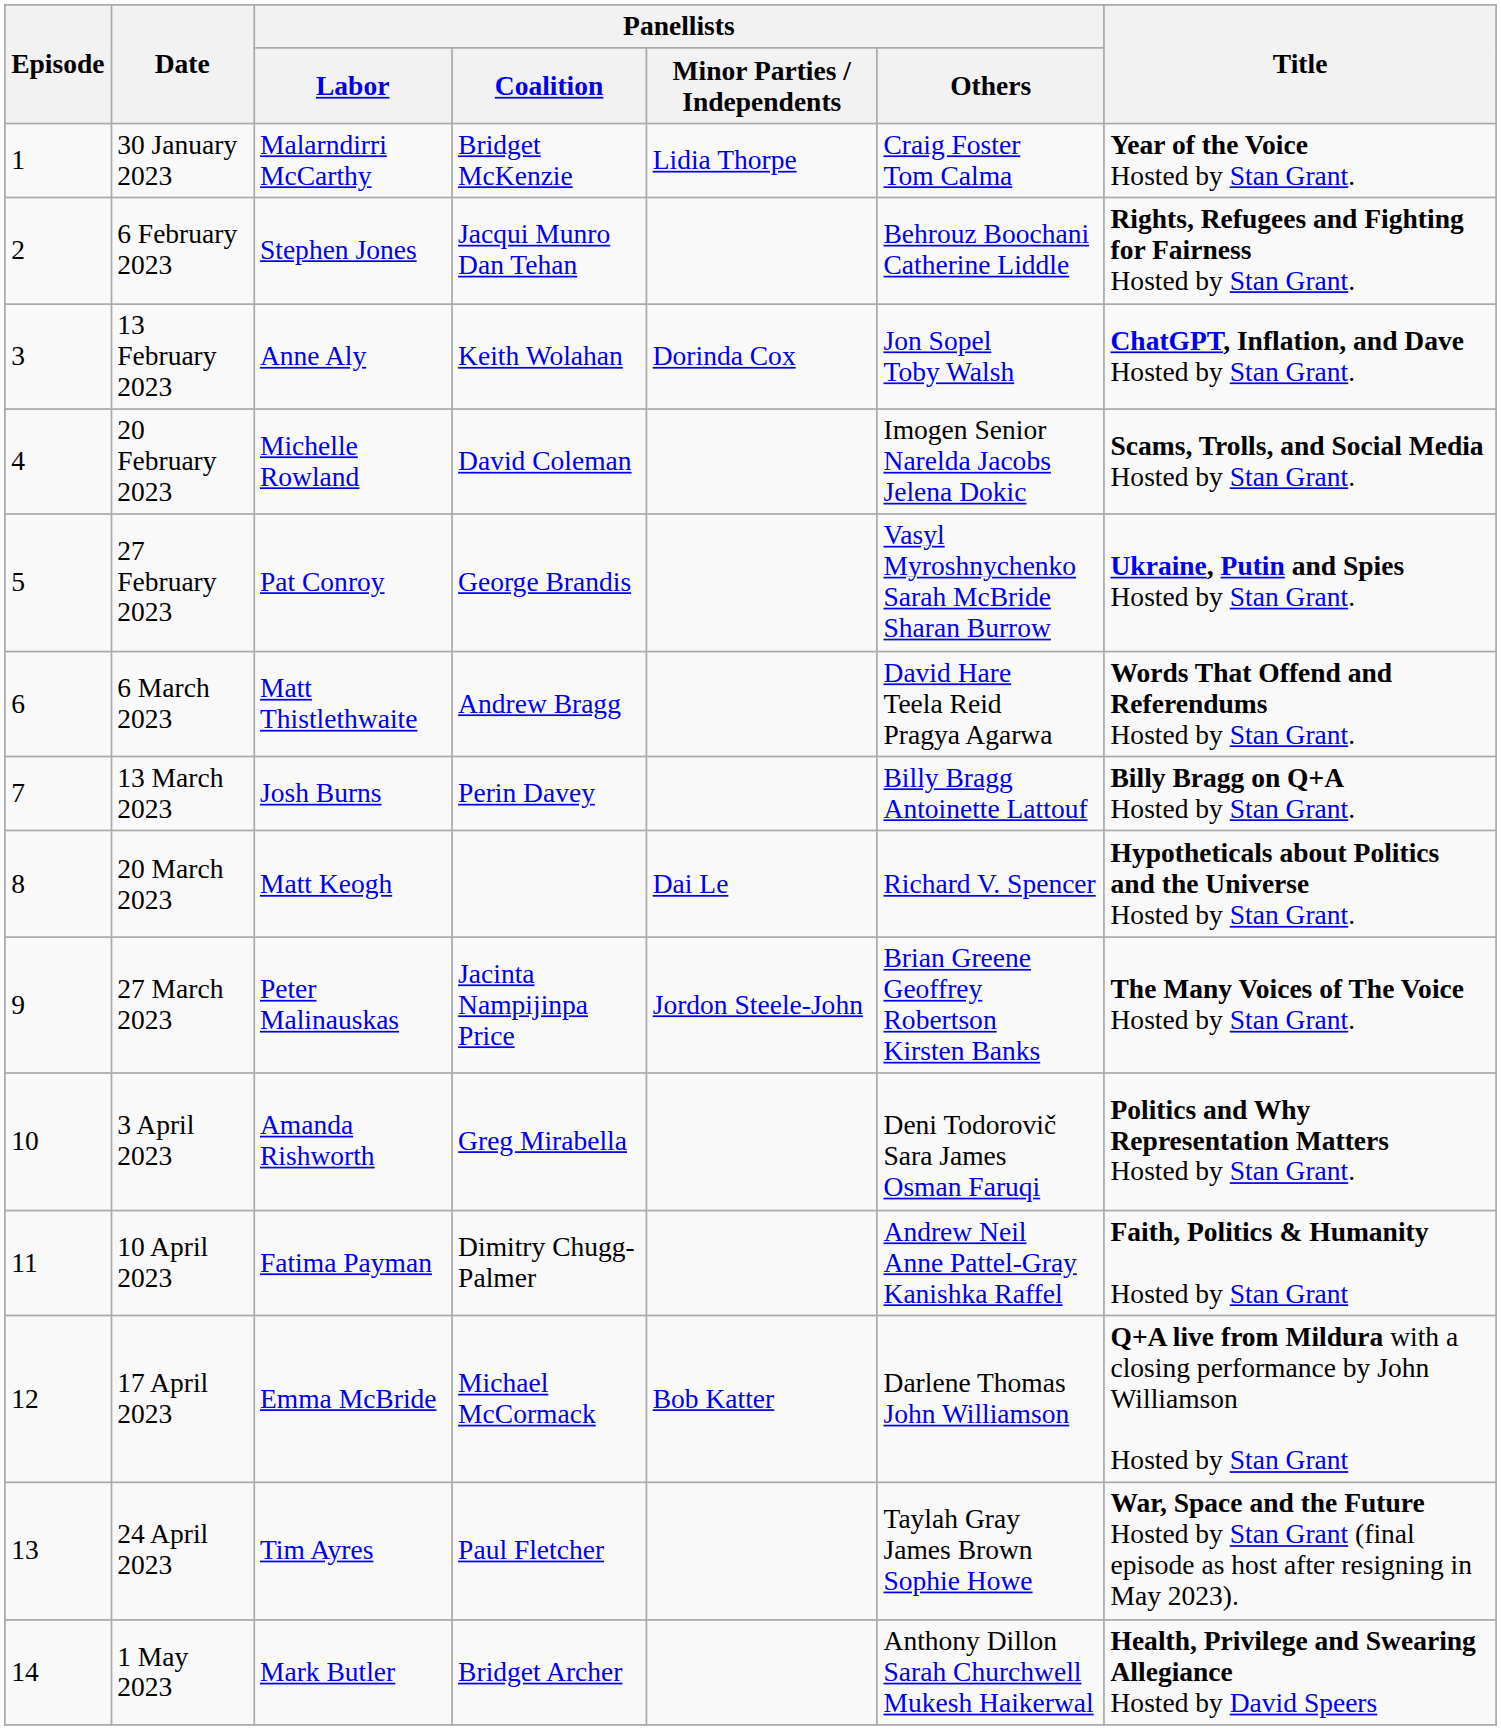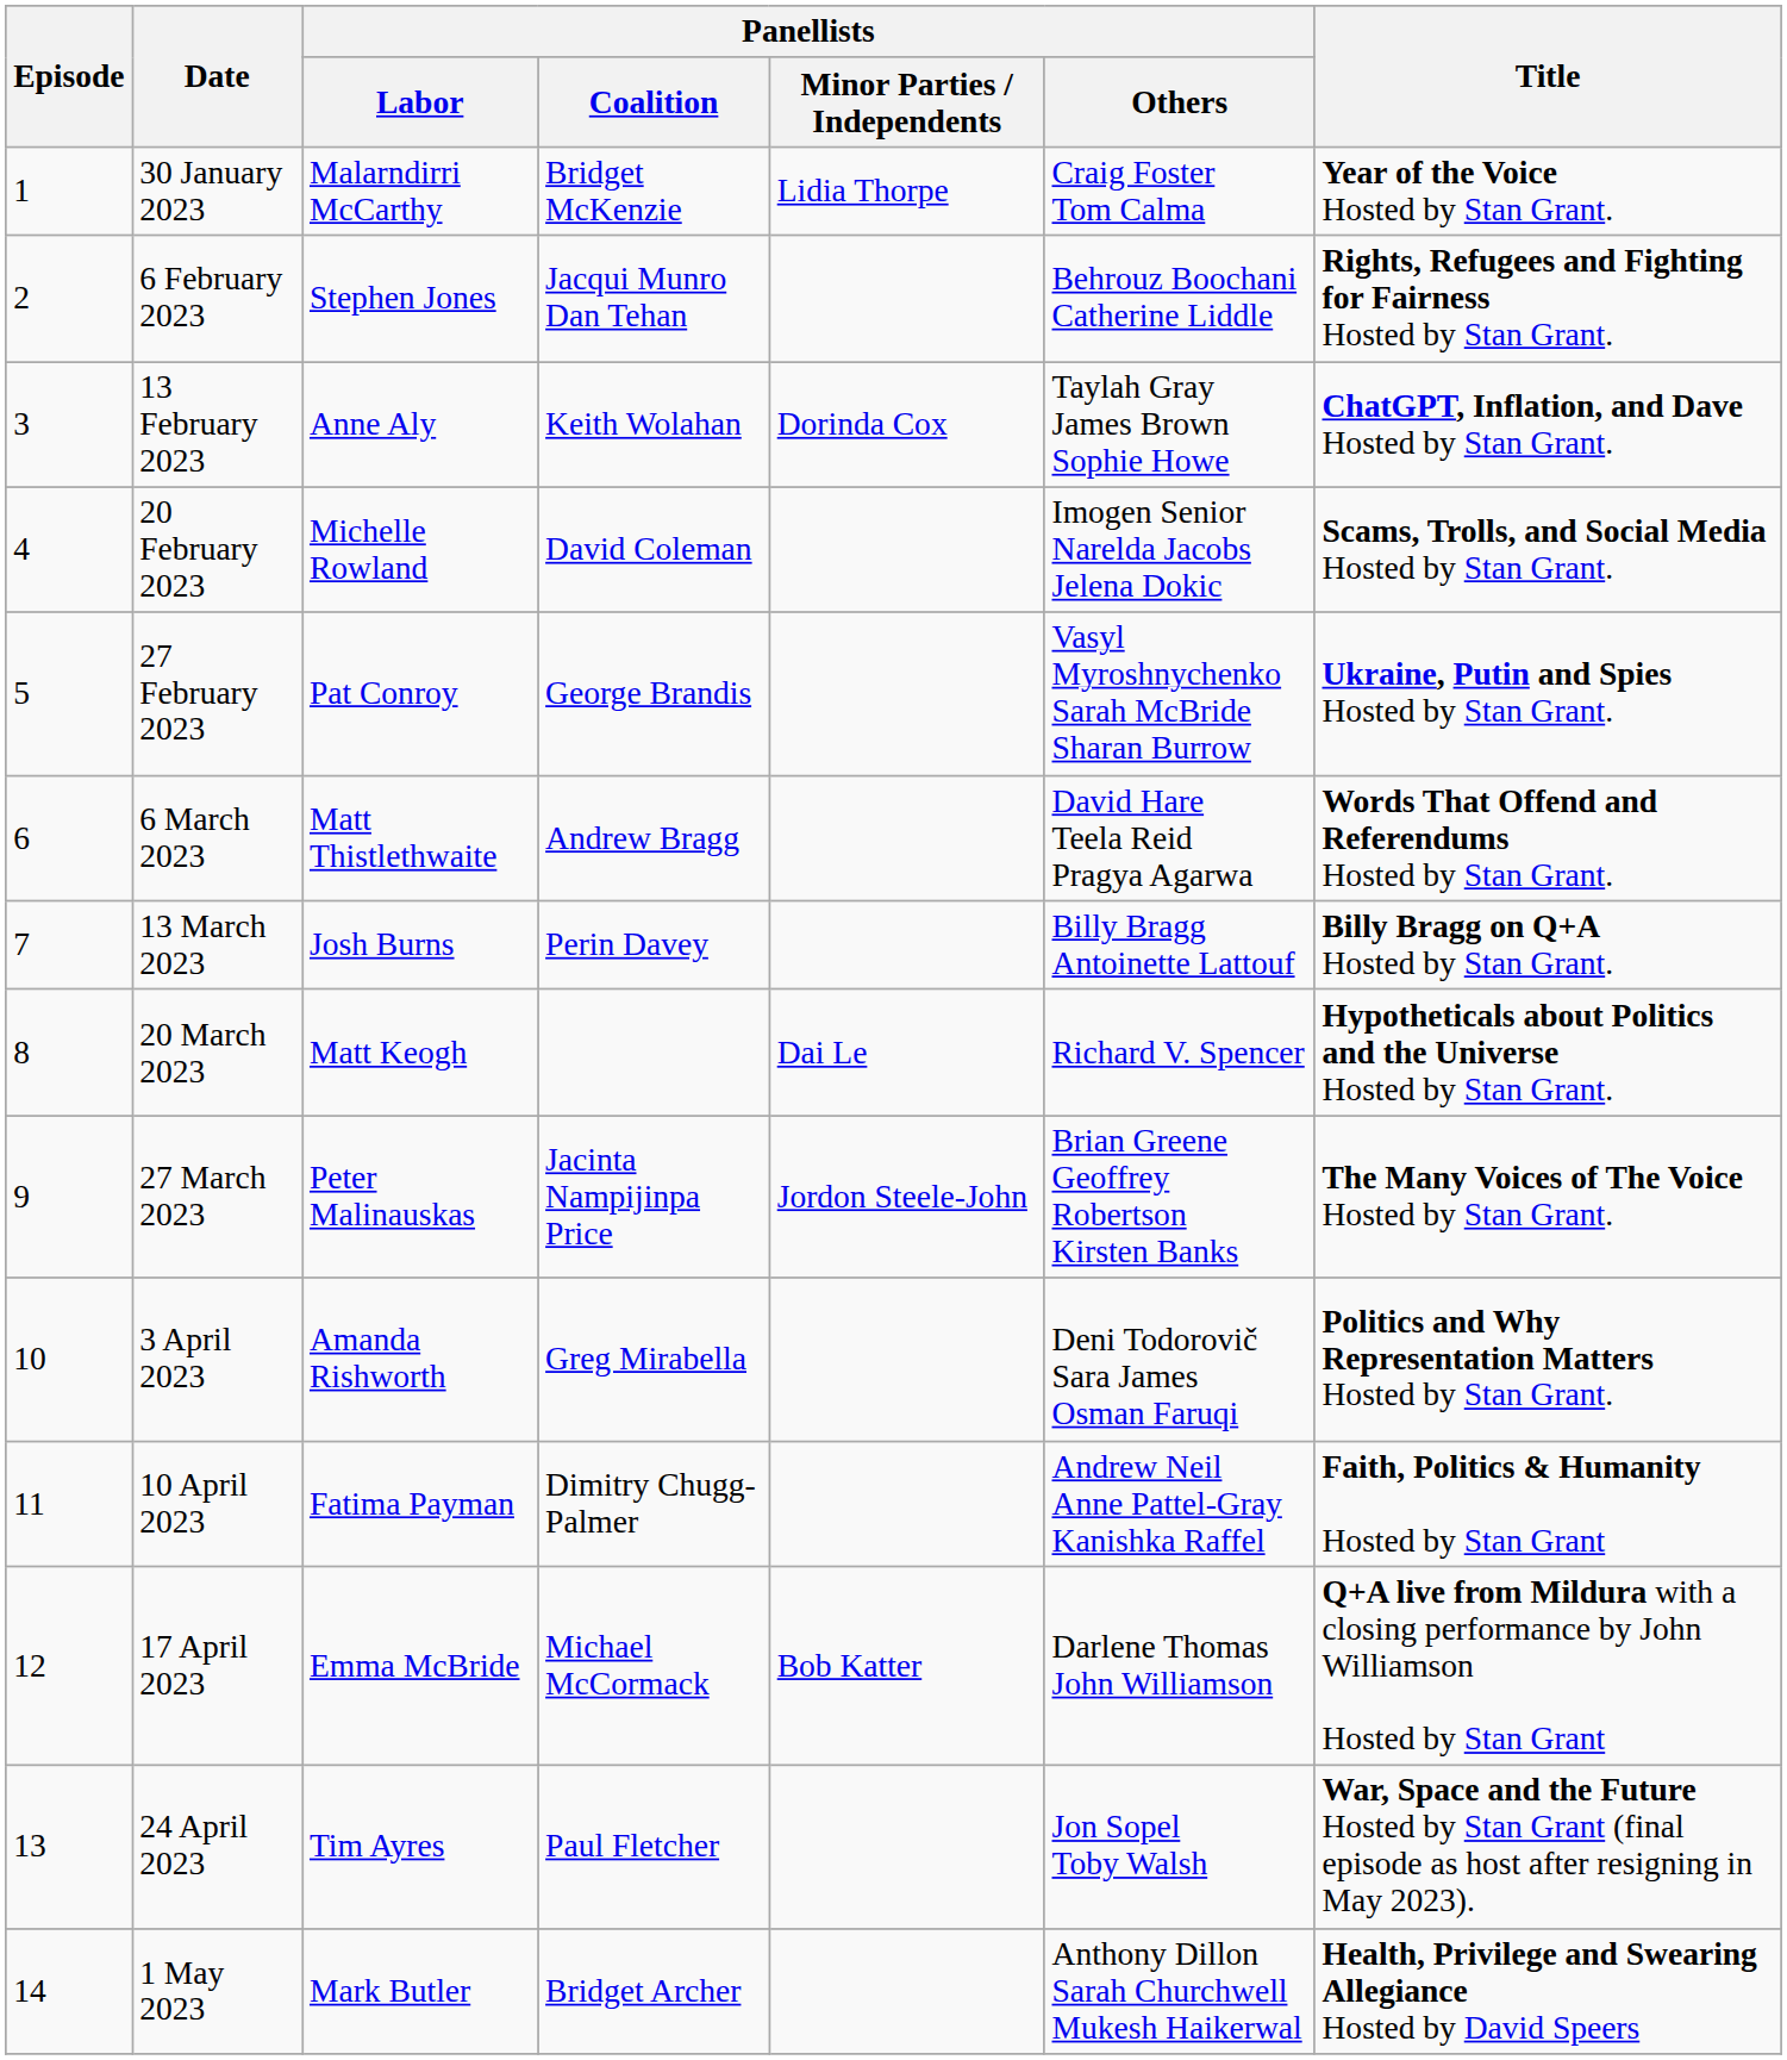 <table class="wikitable">
 <tr>
 <th rowspan="2">Episode</th>
 <th rowspan="2">Date</th>
 <th colspan="4">Panellists</th>
 <th rowspan="2">Title</th>
 </tr>
 <tr>
 <th><a href='#'>Labor</a></th>
 <th><a href='#'>Coalition</a></th>
 <th>Minor Parties / Independents</th>
 <th>Others</th>
 </tr>
 <tr>
 <td>1</td>
 <td>30 January 2023</td>
 <td><a href='#'>Malarndirri McCarthy</a></td>
 <td><a href='#'>Bridget McKenzie</a></td>
 <td><a href='#'>Lidia Thorpe</a></td>
 <td><a href='#'>Craig Foster</a><br><a href='#'>Tom Calma</a></td>
 <td><strong>Year of the Voice</strong> <br>Hosted by <a href='#'>Stan Grant</a>.</td>
 </tr>
 <tr>
 <td>2</td>
 <td>6 February 2023</td>
 <td><a href='#'>Stephen Jones</a></td>
 <td><a href='#'>Jacqui Munro</a><br><a href='#'>Dan Tehan</a></td>
 <td></td>
 <td><a href='#'>Behrouz Boochani</a><br><a href='#'>Catherine Liddle</a></td>
 <td><strong>Rights, Refugees and Fighting for Fairness</strong><br>Hosted by <a href='#'>Stan Grant</a>.</td>
 </tr>
 <tr>
 <td>3</td>
 <td>13 February 2023</td>
 <td><a href='#'>Anne Aly</a></td>
 <td><a href='#'>Keith Wolahan</a></td>
 <td><a href='#'>Dorinda Cox</a></td>
-<td><a href='#'>Jon Sopel</a><br><a href='#'>Toby Walsh</a></td>
+<td>Taylah Gray<br>James Brown<br><a href='#'>Sophie Howe</a></td>
 <td><strong><a href='#'>ChatGPT</a>, Inflation, and Dave</strong><br>Hosted by <a href='#'>Stan Grant</a>.</td>
 </tr>
 <tr>
 <td>4</td>
 <td>20 February 2023</td>
 <td><a href='#'>Michelle Rowland</a></td>
 <td><a href='#'>David Coleman</a></td>
 <td></td>
 <td>Imogen Senior<br><a href='#'>Narelda Jacobs</a><br><a href='#'>Jelena Dokic</a></td>
 <td><strong>Scams, Trolls, and Social Media</strong><br>Hosted by <a href='#'>Stan Grant</a>.</td>
 </tr>
 <tr>
 <td>5</td>
 <td>27 February 2023</td>
 <td><a href='#'>Pat Conroy</a></td>
 <td><a href='#'>George Brandis</a></td>
 <td></td>
 <td><a href='#'>Vasyl Myroshnychenko</a><br><a href='#'>Sarah McBride</a><br><a href='#'>Sharan Burrow</a></td>
 <td><strong><a href='#'>Ukraine</a>, <a href='#'>Putin</a> and Spies</strong><br>Hosted by <a href='#'>Stan Grant</a>.</td>
 </tr>
 <tr>
 <td>6</td>
 <td>6 March 2023</td>
 <td><a href='#'>Matt Thistlethwaite</a></td>
 <td><a href='#'>Andrew Bragg</a></td>
 <td></td>
 <td><a href='#'>David Hare</a><br>Teela Reid<br>Pragya Agarwa</td>
 <td><strong>Words That Offend and Referendums</strong><br>Hosted by <a href='#'>Stan Grant</a>.</td>
 </tr>
 <tr>
 <td>7</td>
 <td>13 March 2023</td>
 <td><a href='#'>Josh Burns</a></td>
 <td><a href='#'>Perin Davey</a></td>
 <td></td>
 <td><a href='#'>Billy Bragg</a><br><a href='#'>Antoinette Lattouf</a></td>
 <td><strong>Billy Bragg on Q+A</strong><br>Hosted by <a href='#'>Stan Grant</a>.</td>
 </tr>
 <tr>
 <td>8</td>
 <td>20 March 2023</td>
 <td><a href='#'>Matt Keogh</a></td>
 <td></td>
 <td><a href='#'>Dai Le</a></td>
 <td><a href='#'>Richard V. Spencer</a></td>
 <td><strong>Hypotheticals about Politics and the Universe</strong><br>Hosted by <a href='#'>Stan Grant</a>.</td>
 </tr>
 <tr>
 <td>9</td>
 <td>27 March 2023</td>
 <td><a href='#'>Peter Malinauskas</a></td>
 <td><a href='#'>Jacinta Nampijinpa Price</a></td>
 <td><a href='#'>Jordon Steele-John</a></td>
 <td><a href='#'>Brian Greene</a><br><a href='#'>Geoffrey Robertson</a><br><a href='#'>Kirsten Banks</a></td>
 <td><strong>The Many Voices of The Voice</strong><br>Hosted by <a href='#'>Stan Grant</a>.</td>
 </tr>
 <tr>
 <td>10</td>
 <td>3 April 2023</td>
 <td><a href='#'>Amanda Rishworth</a></td>
 <td><a href='#'>Greg Mirabella</a></td>
 <td></td>
 <td><br>Deni Todorovič<br>Sara James<br><a href='#'>Osman Faruqi</a></td>
 <td><strong>Politics and Why Representation Matters</strong><br>Hosted by <a href='#'>Stan Grant</a>.</td>
 </tr>
 <tr>
 <td>11</td>
 <td>10 April 2023</td>
 <td><a href='#'>Fatima Payman</a></td>
 <td>Dimitry Chugg-Palmer</td>
 <td></td>
 <td><a href='#'>Andrew Neil</a><br><a href='#'>Anne Pattel-Gray</a><br><a href='#'>Kanishka Raffel</a></td>
 <td><strong>Faith, Politics & Humanity</strong><br><br>Hosted by <a href='#'>Stan Grant</a></td>
 </tr>
 <tr>
 <td>12</td>
 <td>17 April 2023</td>
 <td><a href='#'>Emma McBride</a></td>
 <td><a href='#'>Michael McCormack</a></td>
 <td><a href='#'>Bob Katter</a></td>
 <td>Darlene Thomas<br><a href='#'>John Williamson</a></td>
 <td><strong>Q+A live from Mildura</strong> with a closing performance by John Williamson<br><br>Hosted by <a href='#'>Stan Grant</a></td>
 </tr>
 <tr>
 <td>13</td>
 <td>24 April 2023</td>
 <td><a href='#'>Tim Ayres</a></td>
 <td><a href='#'>Paul Fletcher</a></td>
 <td></td>
-<td>Taylah Gray<br>James Brown<br><a href='#'>Sophie Howe</a></td>
+<td><a href='#'>Jon Sopel</a><br><a href='#'>Toby Walsh</a></td>
 <td><strong>War, Space and the Future</strong><br>Hosted by <a href='#'>Stan Grant</a> (final episode as host after resigning in May 2023).</td>
 </tr>
 <tr>
 <td>14</td>
 <td>1 May 2023</td>
 <td><a href='#'>Mark Butler</a></td>
 <td><a href='#'>Bridget Archer</a></td>
 <td></td>
 <td>Anthony Dillon<br><a href='#'>Sarah Churchwell</a><br><a href='#'>Mukesh Haikerwal</a></td>
 <td><strong>Health, Privilege and Swearing Allegiance</strong><br>Hosted by <a href='#'>David Speers</a></td>
 </tr>
 </table>
